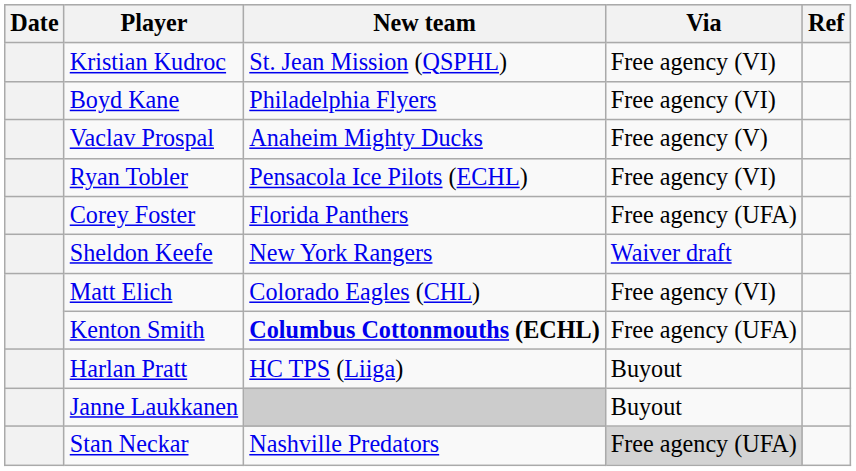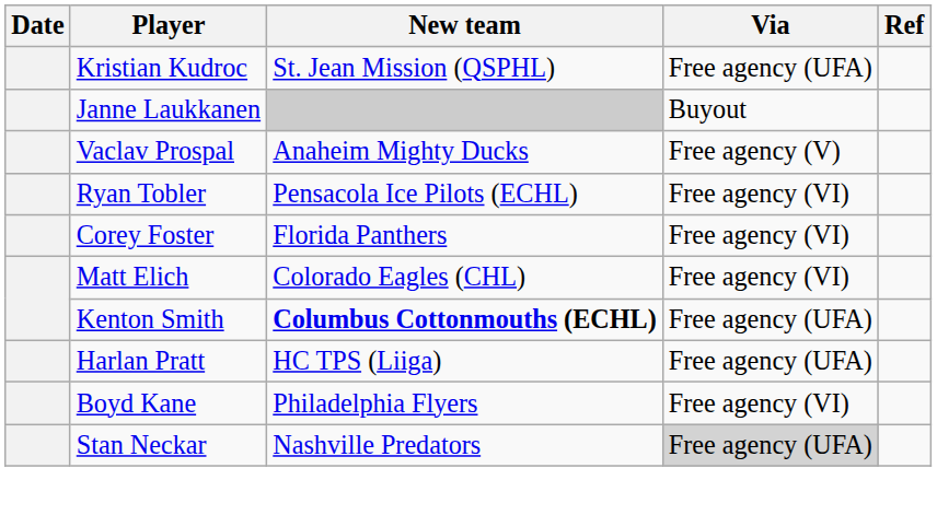 <table class="wikitable plainrowheaders">
 <tr style="background:#ddd; text-align:center;">
 <th>Date</th>
 <th>Player</th>
 <th>New team</th>
 <th>Via</th>
 <th>Ref</th>
 </tr>
 <tr>
 <th scope="row"></th>
 <td><a href='#'>Kristian Kudroc</a></td>
 <td><a href='#'>St. Jean Mission</a> (<a href='#'>QSPHL</a>)</td>
-<td>Free agency (VI)</td>
+<td>Free agency (UFA)</td>
 <td></td>
 </tr>
 <tr>
 <th scope="row"></th>
-<td><a href='#'>Boyd Kane</a></td>
-<td><a href='#'>Philadelphia Flyers</a></td>
-<td>Free agency (VI)</td>
+<td><a href='#'>Janne Laukkanen</a></td>
+<td style="background:#ccc"></td>
+<td>Buyout</td>
 <td></td>
 </tr>
 <tr>
 <th scope="row"></th>
 <td><a href='#'>Vaclav Prospal</a></td>
 <td><a href='#'>Anaheim Mighty Ducks</a></td>
 <td>Free agency (V)</td>
 <td></td>
 </tr>
 <tr>
 <th scope="row"></th>
 <td><a href='#'>Ryan Tobler</a></td>
 <td><a href='#'>Pensacola Ice Pilots</a> (<a href='#'>ECHL</a>)</td>
 <td>Free agency (VI)</td>
 <td></td>
 </tr>
 <tr>
 <th scope="row"></th>
 <td><a href='#'>Corey Foster</a></td>
 <td><a href='#'>Florida Panthers</a></td>
-<td>Free agency (UFA)</td>
-<td></td>
-</tr>
-<tr>
-<th scope="row"></th>
-<td><a href='#'>Sheldon Keefe</a></td>
-<td><a href='#'>New York Rangers</a></td>
-<td><a href='#'>Waiver draft</a></td>
+<td>Free agency (VI)</td>
 <td></td>
 </tr>
 <tr>
 <th scope="row" rowspan=2></th>
 <td><a href='#'>Matt Elich</a></td>
 <td><a href='#'>Colorado Eagles</a> (<a href='#'>CHL</a>)</td>
 <td>Free agency (VI)</td>
 <td></td>
 </tr>
 <tr>
 <td><a href='#'>Kenton Smith</a></td>
 <td><strong><a href='#'>Columbus Cottonmouths</a> (ECHL)</strong></td>
 <td>Free agency (UFA)</td>
 <td></td>
 </tr>
 <tr>
 <th scope="row"></th>
 <td><a href='#'>Harlan Pratt</a></td>
 <td><a href='#'>HC TPS</a> (<a href='#'>Liiga</a>)</td>
-<td>Buyout</td>
+<td>Free agency (UFA)</td>
 <td></td>
 </tr>
 <tr>
 <th scope="row"></th>
-<td><a href='#'>Janne Laukkanen</a></td>
-<td style="background:#ccc"></td>
-<td>Buyout</td>
+<td><a href='#'>Boyd Kane</a></td>
+<td><a href='#'>Philadelphia Flyers</a></td>
+<td>Free agency (VI)</td>
 <td></td>
 </tr>
 <tr>
 <th scope="row"></th>
 <td><a href='#'>Stan Neckar</a></td>
 <td><a href='#'>Nashville Predators</a></td>
 <td style="background: lightgrey;">Free agency (UFA)</td>
 <td></td>
 </tr>
 </table>
